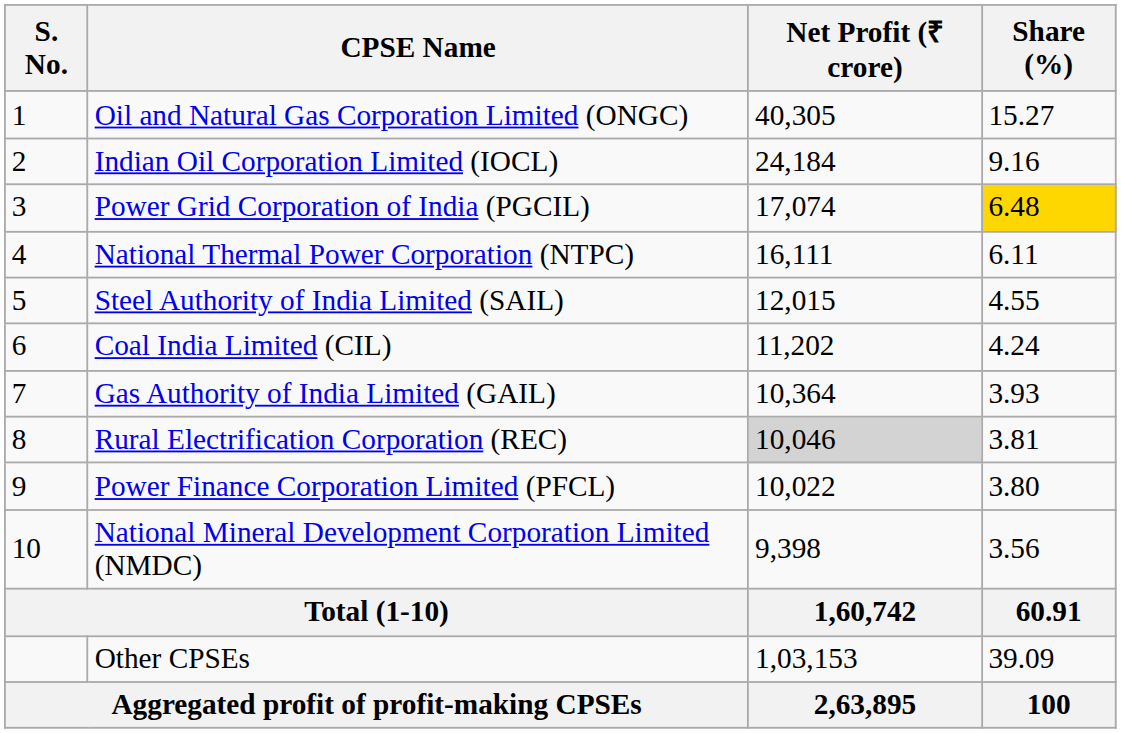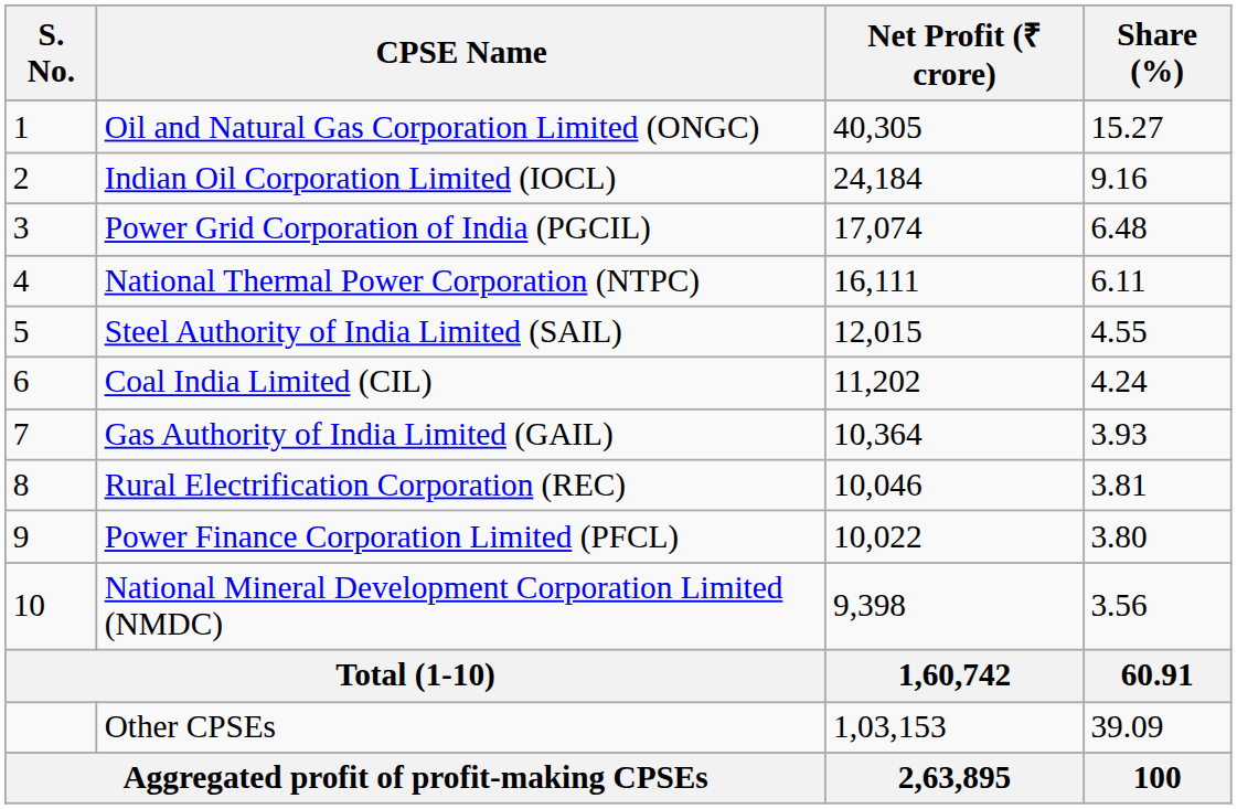 <table class="wikitable">
 <tr>
 <th>S. No.</th>
 <th>CPSE Name</th>
 <th>Net Profit (₹ crore)</th>
 <th>Share (%)</th>
 </tr>
 <tr>
 <td>1</td>
 <td><a href='#'>Oil and Natural Gas Corporation Limited</a> (ONGC)</td>
 <td>40,305</td>
 <td>15.27</td>
 </tr>
 <tr>
 <td>2</td>
 <td><a href='#'>Indian Oil Corporation Limited</a> (IOCL)</td>
 <td>24,184</td>
 <td>9.16</td>
 </tr>
 <tr>
 <td>3</td>
 <td><a href='#'>Power Grid Corporation of India</a> (PGCIL)</td>
 <td>17,074</td>
-<td style="background: gold;">6.48</td>
+<td>6.48</td>
 </tr>
 <tr>
 <td>4</td>
 <td><a href='#'>National Thermal Power Corporation</a> (NTPC)</td>
 <td>16,111</td>
 <td>6.11</td>
 </tr>
 <tr>
 <td>5</td>
 <td><a href='#'>Steel Authority of India Limited</a> (SAIL)</td>
 <td>12,015</td>
 <td>4.55</td>
 </tr>
 <tr>
 <td>6</td>
 <td><a href='#'>Coal India Limited</a> (CIL)</td>
 <td>11,202</td>
 <td>4.24</td>
 </tr>
 <tr>
 <td>7</td>
 <td><a href='#'>Gas Authority of India Limited</a> (GAIL)</td>
 <td>10,364</td>
 <td>3.93</td>
 </tr>
 <tr>
 <td>8</td>
 <td><a href='#'>Rural Electrification Corporation</a> (REC)</td>
-<td style="background: lightgrey;">10,046</td>
+<td>10,046</td>
 <td>3.81</td>
 </tr>
 <tr>
 <td>9</td>
 <td><a href='#'>Power Finance Corporation Limited</a> (PFCL)</td>
 <td>10,022</td>
 <td>3.80</td>
 </tr>
 <tr>
 <td>10</td>
 <td><a href='#'>National Mineral Development Corporation Limited</a> (NMDC)</td>
 <td>9,398</td>
 <td>3.56</td>
 </tr>
 <tr>
 <th colspan=2>Total (1-10)</th>
 <th>1,60,742</th>
 <th>60.91</th>
 </tr>
 <tr>
 <td></td>
 <td>Other CPSEs</td>
 <td>1,03,153</td>
 <td>39.09</td>
 </tr>
 <tr>
 <th colspan=2>Aggregated profit of profit-making CPSEs</th>
 <th>2,63,895</th>
 <th>100</th>
 </tr>
 </table>
